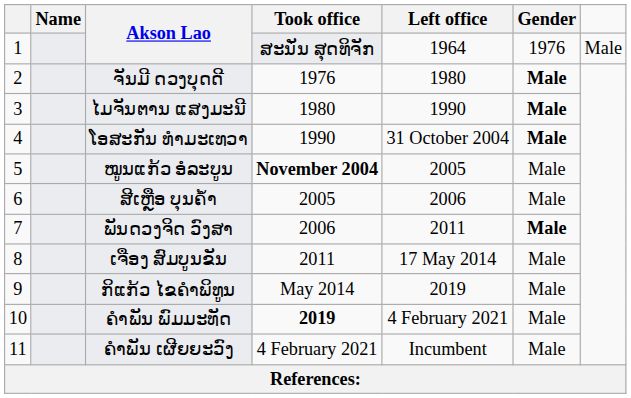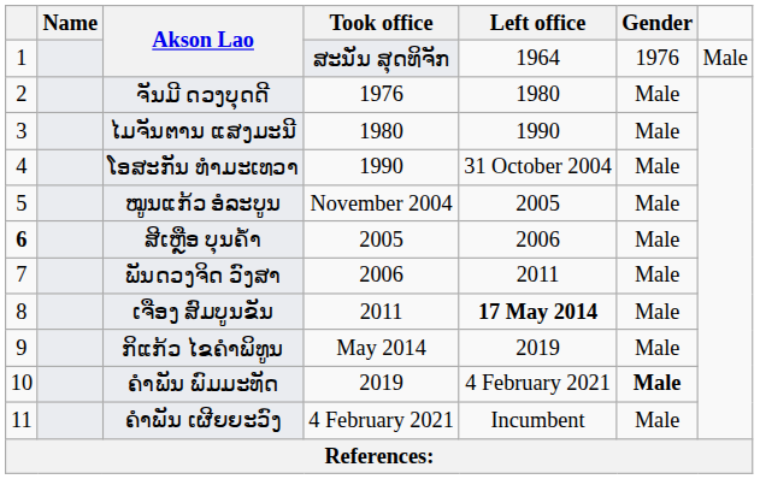 <table class="wikitable sortable" style=text-align:center>
 <tr>
 <th scope="col"></th>
 <th scope="col">Name</th>
 <th rowspan="2" class="unsortable"><a href='#'>Akson Lao</a></th>
 <th scope="col">Took office</th>
 <th scope="col">Left office</th>
 <th scope="col">Gender</th>
 </tr>
 <tr>
 <td>1</td>
 <td bgcolor = #EAECF0></td>
 <td bgcolor = #EAECF0>ສະນັ່ນ ສຸດທິ​ຈັກ</td>
 <td>1964</td>
 <td>1976</td>
 <td>Male</td>
 </tr>
 <tr>
 <td>2</td>
 <td bgcolor = #EAECF0></td>
 <td bgcolor = #EAECF0>ຈັນມີ ດວງບຸດດີ</td>
 <td>1976</td>
 <td>1980</td>
-<td><strong>Male</strong></td>
+<td>Male</td>
 </tr>
 <tr>
 <td>3</td>
 <td bgcolor = #EAECF0></td>
 <td bgcolor = #EAECF0>ໄມຈັນຕານ ແສງມະນີ</td>
 <td>1980</td>
 <td>1990</td>
-<td><strong>Male</strong></td>
+<td>Male</td>
 </tr>
 <tr>
 <td>4</td>
 <td bgcolor = #EAECF0></td>
 <td bgcolor = #EAECF0>ໂອສະກັນ ທໍາມະເທວາ</td>
 <td>1990</td>
 <td>31 October 2004</td>
-<td><strong>Male</strong></td>
+<td>Male</td>
 </tr>
 <tr>
 <td>5</td>
 <td bgcolor = #EAECF0></td>
 <td bgcolor = #EAECF0>ໝູນແກ້ວ ອໍລະບູນ</td>
-<td><strong>November 2004</strong></td>
+<td>November 2004</td>
 <td>2005</td>
 <td>Male</td>
 </tr>
 <tr>
-<td>6</td>
+<td><strong>6</strong></td>
 <td bgcolor = #EAECF0></td>
 <td bgcolor = #EAECF0>ສີເຫຼືອ ບຸນຄ້ໍາ</td>
 <td>2005</td>
 <td>2006</td>
 <td>Male</td>
 </tr>
 <tr>
 <td>7</td>
 <td bgcolor = #EAECF0></td>
 <td bgcolor = #EAECF0>ພັນດວງຈິດ ວົງສາ</td>
 <td>2006</td>
 <td>2011</td>
-<td><strong>Male</strong></td>
+<td>Male</td>
 </tr>
 <tr>
 <td>8</td>
 <td bgcolor = #EAECF0></td>
 <td bgcolor = #EAECF0>ເຈືອງ ສົມບູນຂັນ</td>
 <td>2011</td>
-<td>17 May 2014</td>
+<td><strong>17 May 2014</strong></td>
 <td>Male</td>
 </tr>
 <tr>
 <td>9</td>
 <td bgcolor = #EAECF0></td>
 <td bgcolor = #EAECF0>ກິແກ້ວ ໄຂຄຳພິທູນ</td>
 <td>May 2014</td>
 <td>2019</td>
 <td>Male</td>
 </tr>
 <tr>
 <td>10</td>
 <td bgcolor = #EAECF0></td>
 <td bgcolor = #EAECF0>ຄໍາ​ພັນ ພົມ​ມະ​ທັດ</td>
-<td><strong>2019</strong></td>
+<td>2019</td>
 <td>4 February 2021</td>
-<td>Male</td>
+<td><strong>Male</strong></td>
 </tr>
 <tr>
 <td>11</td>
 <td bgcolor = #EAECF0></td>
 <td bgcolor = #EAECF0>ຄໍາ​ພັນ ເຜີຍ​ຍະ​ວົງ</td>
 <td>4 February 2021</td>
 <td>Incumbent</td>
 <td>Male</td>
 </tr>
 <tr class=sortbottom>
 <th colspan = "23" align = left><strong>References:</strong><br></th>
 </tr>
 </table>
